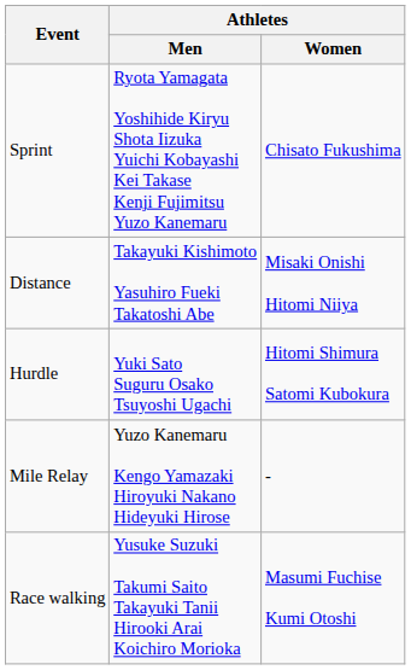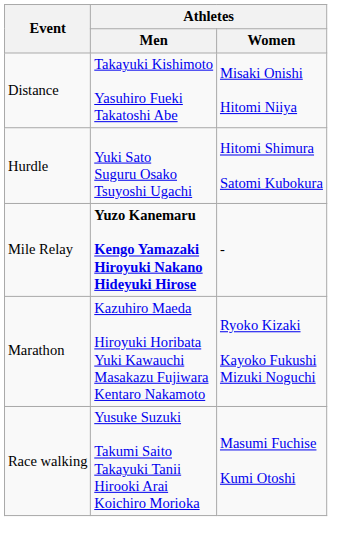 <table class=wikitable style="font-size:90%">
 <tr>
 <th rowspan=2>Event</th>
 <th colspan=2>Athletes</th>
 </tr>
 <tr>
 <th>Men</th>
 <th>Women</th>
-</tr>
-<tr>
-<td>Sprint</td>
-<td><a href='#'>Ryota Yamagata</a> <br><br><a href='#'>Yoshihide Kiryu</a> <br>  <a href='#'>Shota Iizuka</a> <br>  <a href='#'>Yuichi Kobayashi</a> <br>  <a href='#'>Kei Takase</a> <br>  <a href='#'>Kenji Fujimitsu</a> <br> <a href='#'>Yuzo Kanemaru</a></td>
-<td><a href='#'>Chisato Fukushima</a></td>
 </tr>
 <tr>
 <td>Distance</td>
 <td><a href='#'>Takayuki Kishimoto</a> <br><br><a href='#'>Yasuhiro Fueki</a> <br> <a href='#'>Takatoshi Abe</a></td>
 <td><a href='#'>Misaki Onishi</a> <br><br><a href='#'>Hitomi Niiya</a></td>
 </tr>
 <tr>
 <td>Hurdle</td>
 <td><br><a href='#'>Yuki Sato</a> <br>  <a href='#'>Suguru Osako</a> <br> <a href='#'>Tsuyoshi Ugachi</a></td>
 <td><a href='#'>Hitomi Shimura</a> <br><br><a href='#'>Satomi Kubokura</a></td>
 </tr>
 <tr>
 <td>Mile Relay</td>
-<td>Yuzo Kanemaru <br><br><a href='#'>Kengo Yamazaki</a> <br>  <a href='#'>Hiroyuki Nakano</a> <br>  <a href='#'>Hideyuki Hirose</a></td>
+<td><strong>Yuzo Kanemaru <br><br><a href='#'>Kengo Yamazaki</a> <br>  <a href='#'>Hiroyuki Nakano</a> <br>  <a href='#'>Hideyuki Hirose</a></strong></td>
 <td>-</td>
+</tr>
+<tr>
+<td>Marathon</td>
+<td><a href='#'>Kazuhiro Maeda</a> <br><br><a href='#'>Hiroyuki Horibata</a> <br> <a href='#'>Yuki Kawauchi</a> <br> <a href='#'>Masakazu Fujiwara</a> <br> <a href='#'>Kentaro Nakamoto</a></td>
+<td><a href='#'>Ryoko Kizaki</a> <br><br><a href='#'>Kayoko Fukushi</a> <br> <a href='#'>Mizuki Noguchi</a></td>
 </tr>
 <tr>
 <td>Race walking</td>
 <td><a href='#'>Yusuke Suzuki</a> <br><br><a href='#'>Takumi Saito</a> <br> <a href='#'>Takayuki Tanii</a> <br> <a href='#'>Hirooki Arai</a> <br> <a href='#'>Koichiro Morioka</a></td>
 <td><a href='#'>Masumi Fuchise</a> <br><br><a href='#'>Kumi Otoshi</a></td>
 </tr>
 </table>
